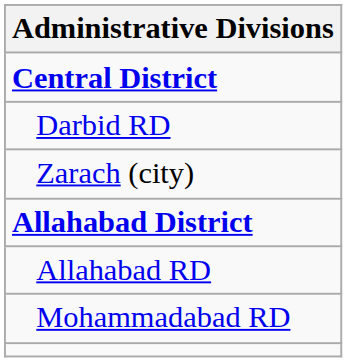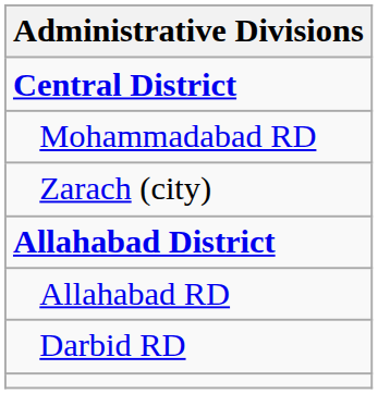 <table class="wikitable">
 <tr>
 <th>Administrative Divisions</th>
 </tr>
 <tr>
 <td><strong><a href='#'>Central District</a></strong></td>
 </tr>
 <tr>
-<td style="padding-left: 1em;"><a href='#'>Darbid RD</a></td>
+<td style="padding-left: 1em;"><a href='#'>Mohammadabad RD</a></td>
 </tr>
 <tr>
 <td style="padding-left: 1em;"><a href='#'>Zarach</a> (city)</td>
 </tr>
 <tr>
 <td><strong><a href='#'>Allahabad District</a></strong></td>
 </tr>
 <tr>
 <td style="padding-left: 1em;"><a href='#'>Allahabad RD</a></td>
 </tr>
 <tr>
-<td style="padding-left: 1em;"><a href='#'>Mohammadabad RD</a></td>
+<td style="padding-left: 1em;"><a href='#'>Darbid RD</a></td>
 </tr>
 <tr>
 <td colspan=1></td>
 </tr>
 </table>
